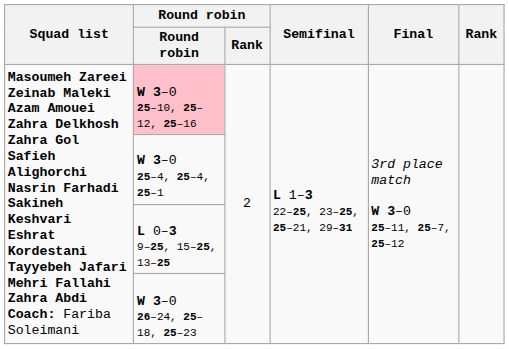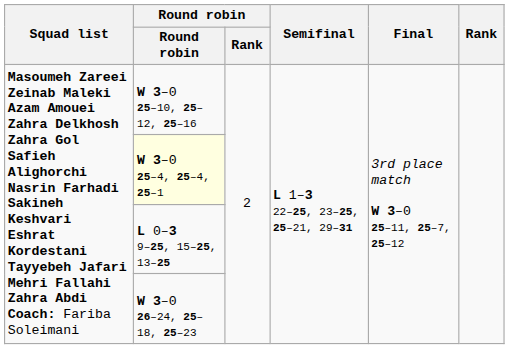 <table class="wikitable" width="71%" style="text-align:left; font-size:90%">
 <tr>
 <th rowspan="2" width="20%">Squad list</th>
 <th colspan="2">Round robin</th>
 <th rowspan="2" width="14%">Semifinal</th>
 <th rowspan="2" width="14%">Final</th>
 <th rowspan="2" width="5%">Rank</th>
 </tr>
 <tr>
 <th width="14%">Round robin</th>
 <th width="5%">Rank</th>
 </tr>
 <tr>
 <td rowspan="4"><strong>Masoumeh Zareei<br>Zeinab Maleki<br>Azam Amouei<br>Zahra Delkhosh<br>Zahra Gol<br>Safieh Alighorchi<br>Nasrin Farhadi<br>Sakineh Keshvari<br>Eshrat Kordestani<br>Tayyebeh Jafari<br>Mehri Fallahi<br>Zahra Abdi<br>Coach:</strong> Fariba Soleimani</td>
-<td style="background: pink;"><br><strong>W</strong> <strong>3</strong>–0<br><small><strong>25</strong>–10, <strong>25</strong>–12, <strong>25</strong>–16</small></td>
+<td><br><strong>W</strong> <strong>3</strong>–0<br><small><strong>25</strong>–10, <strong>25</strong>–12, <strong>25</strong>–16</small></td>
 <td rowspan="4" align=center>2 <strong></strong></td>
 <td rowspan="4"><br><strong>L</strong> 1–<strong>3</strong><br><small>22–<strong>25</strong>, 23–<strong>25</strong>, <strong>25</strong>–21, 29–<strong>31</strong></small></td>
 <td rowspan="4"><em>3rd place match</em><br><br><strong>W</strong> <strong>3</strong>–0<br><small><strong>25</strong>–11, <strong>25</strong>–7, <strong>25</strong>–12</small></td>
 <td rowspan="4" align="center"></td>
 </tr>
 <tr>
-<td><br><strong>W</strong> <strong>3</strong>–0<br><small><strong>25</strong>–4, <strong>25</strong>–4, <strong>25</strong>–1</small></td>
+<td style="background: lightyellow;"><br><strong>W</strong> <strong>3</strong>–0<br><small><strong>25</strong>–4, <strong>25</strong>–4, <strong>25</strong>–1</small></td>
 </tr>
 <tr>
 <td><br><strong>L</strong> 0–<strong>3</strong><br><small>9–<strong>25</strong>, 15–<strong>25</strong>, 13–<strong>25</strong></small></td>
 </tr>
 <tr>
 <td><br><strong>W</strong> <strong>3</strong>–0<br><small><strong>26</strong>–24, <strong>25</strong>–18, <strong>25</strong>–23</small></td>
 </tr>
 </table>
